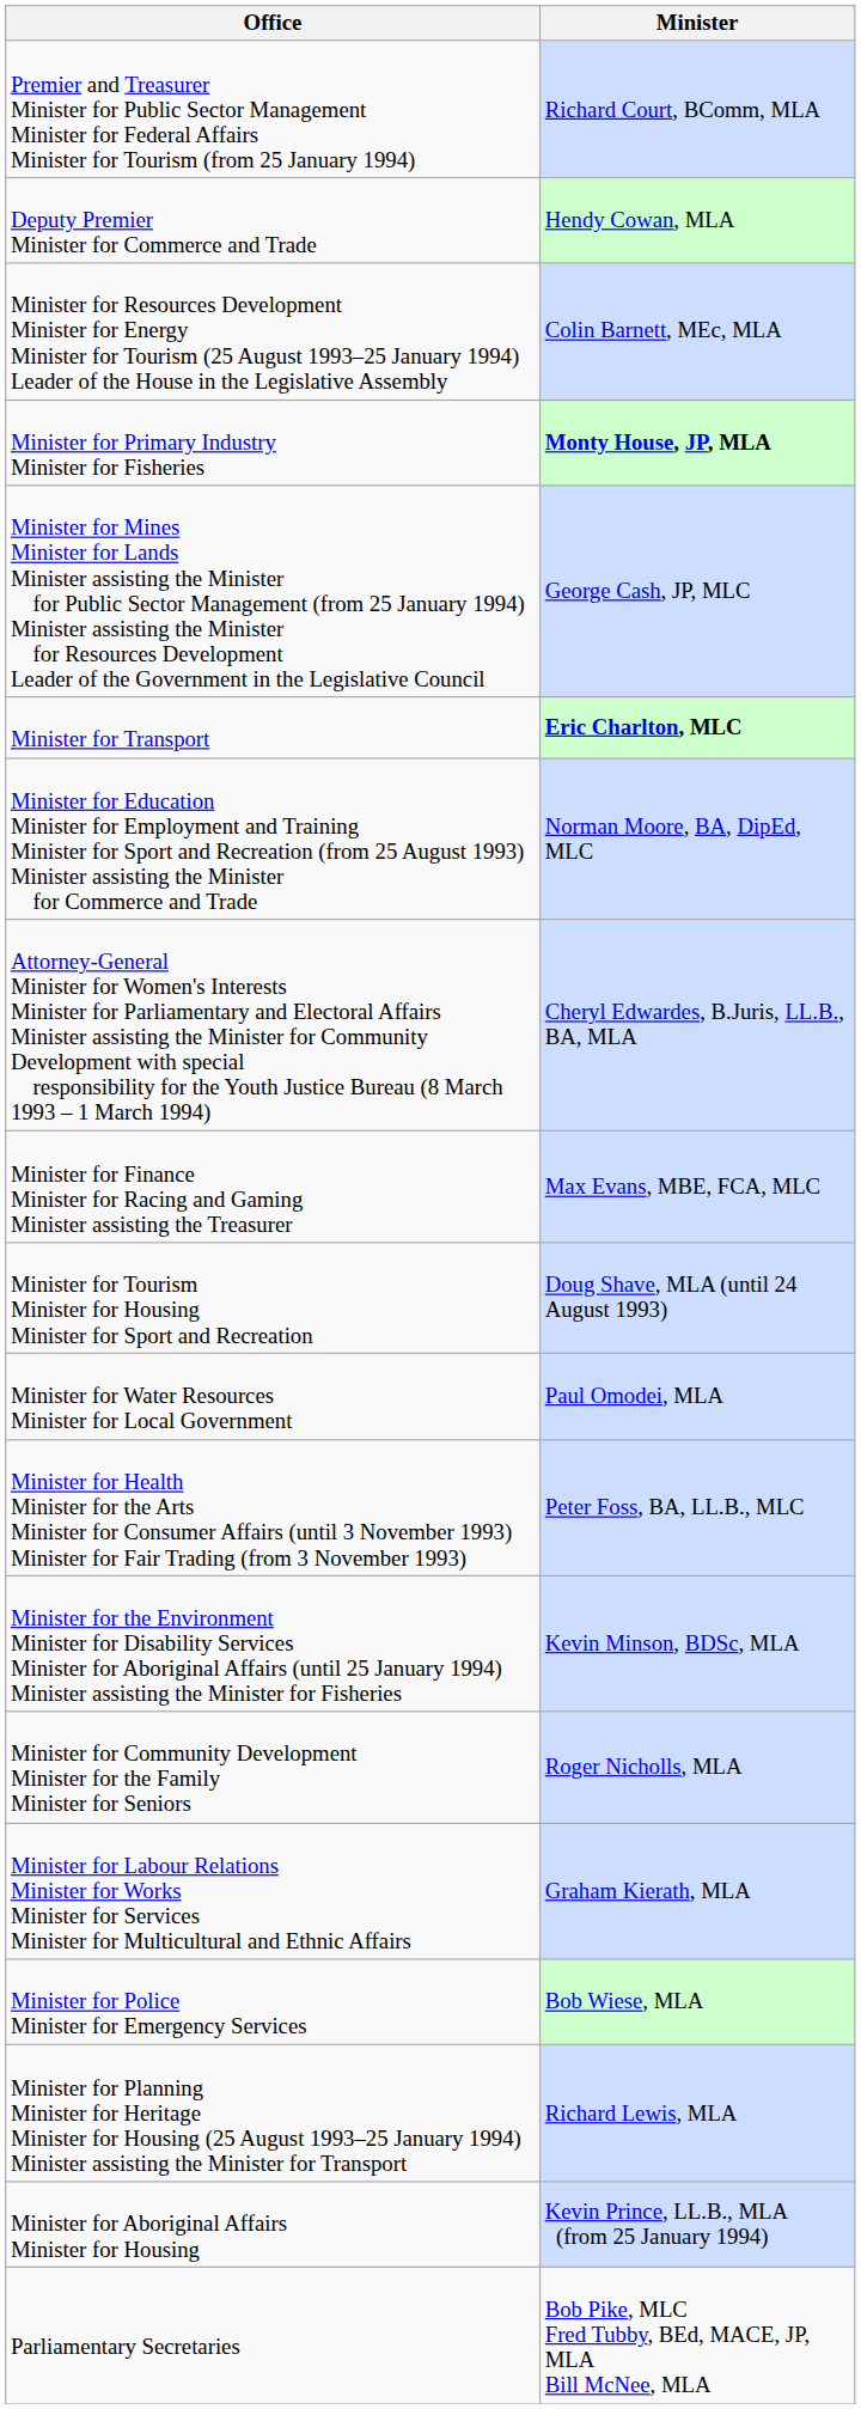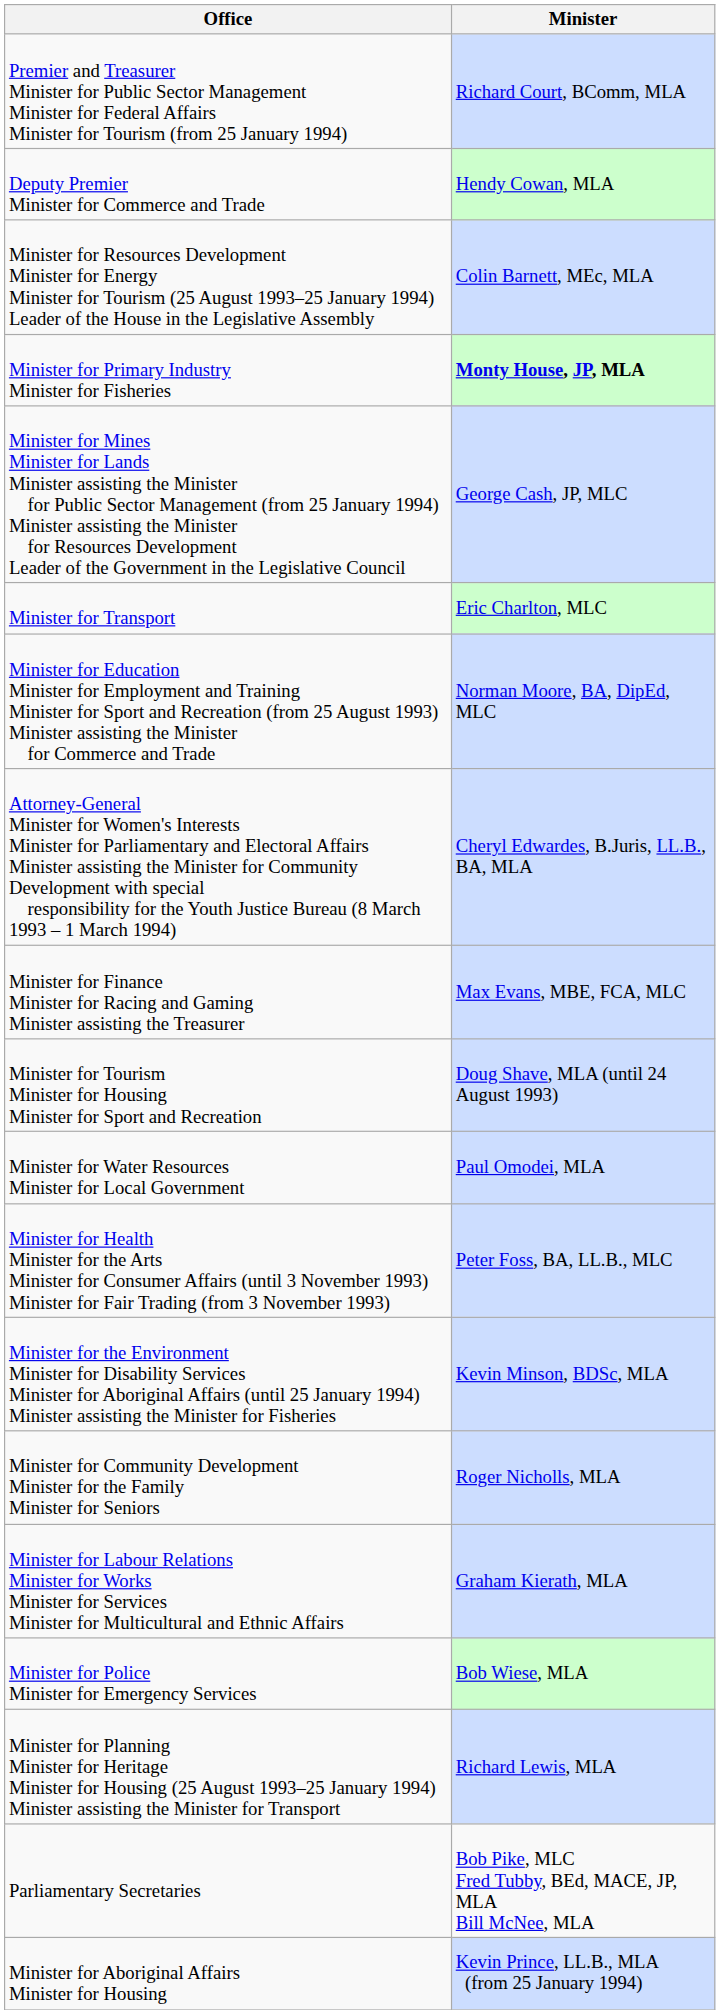 <table class="wikitable">
 <tr>
 <th>Office</th>
 <th>Minister</th>
 </tr>
 <tr>
 <td><br><a href='#'>Premier</a> and <a href='#'>Treasurer</a><br> Minister for Public Sector Management<br> Minister for Federal Affairs<br> Minister for Tourism (from 25 January 1994)</td>
 <td style="background:#CCDDFF"><a href='#'>Richard Court</a>, BComm, MLA</td>
 </tr>
 <tr>
 <td><br><a href='#'>Deputy Premier</a><br> Minister for Commerce and Trade<br></td>
 <td style="background:#CCFFCC"><a href='#'>Hendy Cowan</a>, MLA</td>
 </tr>
 <tr>
 <td><br>Minister for Resources Development<br> Minister for Energy<br> Minister for Tourism (25 August 1993–25 January 1994)<br> Leader of the House in the Legislative Assembly</td>
 <td style="background:#CCDDFF"><a href='#'>Colin Barnett</a>, MEc, MLA</td>
 </tr>
 <tr>
 <td><br><a href='#'>Minister for Primary Industry</a><br> Minister for Fisheries</td>
 <td style="background:#CCFFCC"><strong><a href='#'>Monty House</a>, <a href='#'>JP</a>, MLA</strong></td>
 </tr>
 <tr>
 <td><br><a href='#'>Minister for Mines</a><br> <a href='#'>Minister for Lands</a><br> Minister assisting the Minister<br>    for Public Sector Management (from 25 January 1994)<br> Minister assisting the Minister<br>    for Resources Development<br> Leader of the Government in the Legislative Council</td>
 <td style="background:#CCDDFF"><a href='#'>George Cash</a>, JP, MLC</td>
 </tr>
 <tr>
 <td><br><a href='#'>Minister for Transport</a><br></td>
-<td style="background:#CCFFCC"><strong><a href='#'>Eric Charlton</a>, MLC</strong></td>
+<td style="background:#CCFFCC"><a href='#'>Eric Charlton</a>, MLC</td>
 </tr>
 <tr>
 <td><br><a href='#'>Minister for Education</a><br> Minister for Employment and Training<br> Minister for Sport and Recreation (from 25 August 1993)<br> Minister assisting the Minister<br>    for Commerce and Trade</td>
 <td style="background:#CCDDFF"><a href='#'>Norman Moore</a>, <a href='#'>BA</a>, <a href='#'>DipEd</a>, MLC</td>
 </tr>
 <tr>
 <td><br><a href='#'>Attorney-General</a><br> Minister for Women's Interests<br> Minister for Parliamentary and Electoral Affairs<br> Minister assisting the Minister for Community Development with special<br>    responsibility for the Youth Justice Bureau (8 March 1993 – 1 March 1994)</td>
 <td style="background:#CCDDFF"><a href='#'>Cheryl Edwardes</a>, B.Juris, <a href='#'>LL.B.</a>, BA, MLA</td>
 </tr>
 <tr>
 <td><br>Minister for Finance<br> Minister for Racing and Gaming<br> Minister assisting the Treasurer</td>
 <td style="background:#CCDDFF"><a href='#'>Max Evans</a>, MBE, FCA, MLC</td>
 </tr>
 <tr>
 <td><br>Minister for Tourism<br> Minister for Housing<br> Minister for Sport and Recreation</td>
 <td style="background:#CCDDFF"><a href='#'>Doug Shave</a>, MLA (until 24 August 1993)</td>
 </tr>
 <tr>
 <td><br>Minister for Water Resources<br> Minister for Local Government<br></td>
 <td style="background:#CCDDFF"><a href='#'>Paul Omodei</a>, MLA</td>
 </tr>
 <tr>
 <td><br><a href='#'>Minister for Health</a><br> Minister for the Arts<br> Minister for Consumer Affairs (until 3 November 1993)<br> Minister for Fair Trading (from 3 November 1993)</td>
 <td style="background:#CCDDFF"><a href='#'>Peter Foss</a>, BA, LL.B., MLC</td>
 </tr>
 <tr>
 <td><br><a href='#'>Minister for the Environment</a><br> Minister for Disability Services<br> Minister for Aboriginal Affairs (until 25 January 1994)<br> Minister assisting the Minister for Fisheries</td>
 <td style="background:#CCDDFF"><a href='#'>Kevin Minson</a>, <a href='#'>BDSc</a>, MLA</td>
 </tr>
 <tr>
 <td><br>Minister for Community Development<br> Minister for the Family<br> Minister for Seniors</td>
 <td style="background:#CCDDFF"><a href='#'>Roger Nicholls</a>, MLA</td>
 </tr>
 <tr>
 <td><br><a href='#'>Minister for Labour Relations</a><br> <a href='#'>Minister for Works</a><br> Minister for Services<br> Minister for Multicultural and Ethnic Affairs</td>
 <td style="background:#CCDDFF"><a href='#'>Graham Kierath</a>, MLA</td>
 </tr>
 <tr>
 <td><br><a href='#'>Minister for Police</a><br> Minister for Emergency Services<br></td>
 <td style="background:#CCFFCC"><a href='#'>Bob Wiese</a>, MLA</td>
 </tr>
 <tr>
 <td><br>Minister for Planning<br> Minister for Heritage<br> Minister for Housing (25 August 1993–25 January 1994)<br> Minister assisting the Minister for Transport</td>
 <td style="background:#CCDDFF"><a href='#'>Richard Lewis</a>, MLA</td>
 </tr>
 <tr>
+<td><br>Parliamentary Secretaries</td>
+<td><br><span><a href='#'>Bob Pike</a>, MLC<br> <a href='#'>Fred Tubby</a>, BEd, MACE, JP, MLA<br> <a href='#'>Bill McNee</a>, MLA</span></td>
+</tr>
+<tr>
 <td><br>Minister for Aboriginal Affairs<br> Minister for Housing</td>
 <td style="background:#CCDDFF"><a href='#'>Kevin Prince</a>, LL.B., MLA<br>  (from 25 January 1994)</td>
 </tr>
-<tr>
-<td><br>Parliamentary Secretaries</td>
-<td><br><span><a href='#'>Bob Pike</a>, MLC<br> <a href='#'>Fred Tubby</a>, BEd, MACE, JP, MLA<br> <a href='#'>Bill McNee</a>, MLA</span></td>
-</tr>
 </table>
